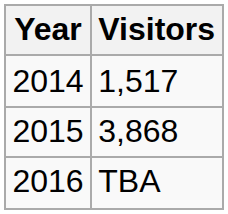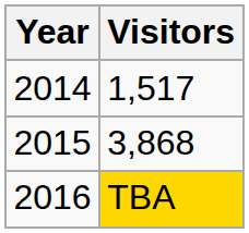 <table class="wikitable">
 <tr>
 <th>Year</th>
 <th>Visitors</th>
 </tr>
 <tr>
 <td>2014</td>
 <td>1,517</td>
 </tr>
 <tr>
 <td>2015</td>
 <td>3,868</td>
 </tr>
 <tr>
 <td>2016</td>
-<td>TBA</td>
+<td style="background: gold;">TBA</td>
 </tr>
 </table>
